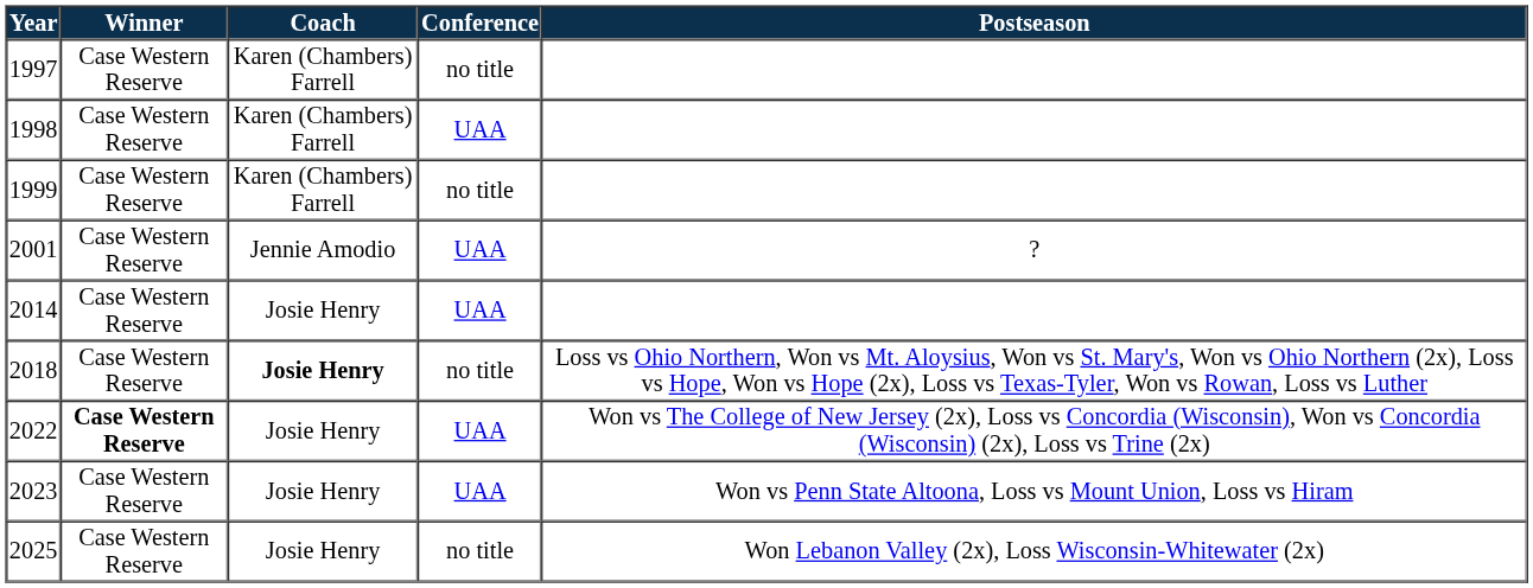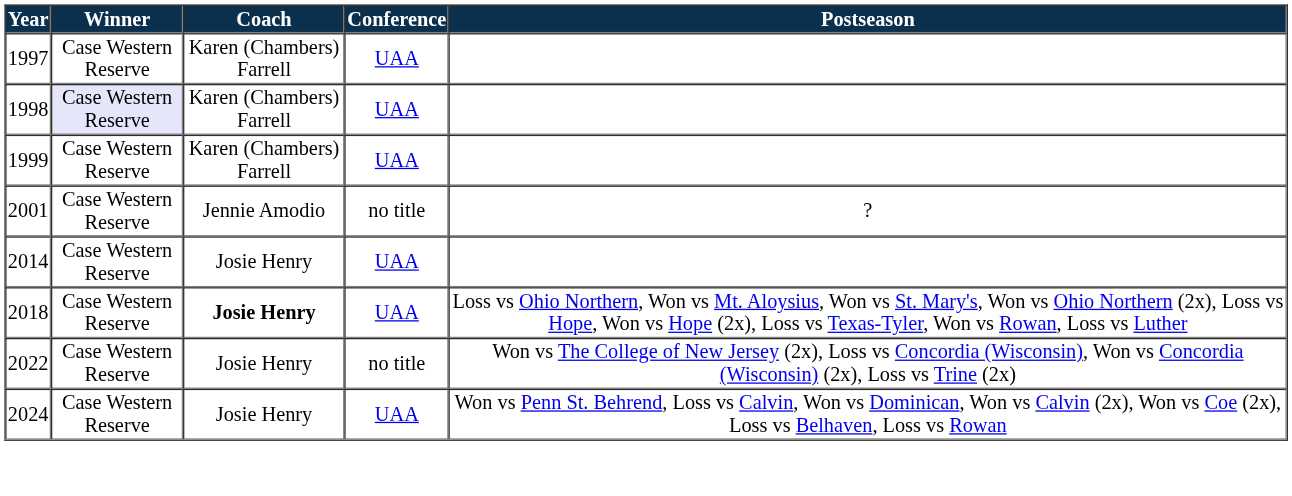 <table bcellpadding="1" border="1" cellspacing="0" style="width:80%;"valign="top">
 <tr>
 <th - style="background:#0A304E; color:white">Year</th>
 <th - style="background:#0A304E; color:white">Winner</th>
 <th - style="background:#0A304E; color:white">Coach</th>
 <th - style="background:#0A304E; color:white">Conference</th>
 <th - style="background:#0A304E; color:white">Postseason</th>
 </tr>
 <tr style="text-align:center;">
 <td>1997</td>
 <td>Case Western Reserve</td>
 <td>Karen (Chambers) Farrell</td>
-<td>no title</td>
+<td><a href='#'>UAA</a></td>
 <td></td>
 </tr>
 <tr style="text-align:center;">
 <td>1998</td>
-<td>Case Western Reserve</td>
+<td style="background: lavender;">Case Western Reserve</td>
 <td>Karen (Chambers) Farrell</td>
 <td><a href='#'>UAA</a></td>
 <td></td>
 </tr>
 <tr style="text-align:center;">
 <td>1999</td>
 <td>Case Western Reserve</td>
 <td>Karen (Chambers) Farrell</td>
-<td>no title</td>
+<td><a href='#'>UAA</a></td>
 <td></td>
 </tr>
 <tr style="text-align:center;">
 <td>2001</td>
 <td>Case Western Reserve</td>
 <td>Jennie Amodio</td>
-<td><a href='#'>UAA</a></td>
+<td>no title</td>
 <td>?</td>
 </tr>
 <tr style="text-align:center;">
 <td>2014</td>
 <td>Case Western Reserve</td>
 <td>Josie Henry</td>
 <td><a href='#'>UAA</a></td>
 <td></td>
 </tr>
 <tr style="text-align:center;">
 <td>2018</td>
 <td>Case Western Reserve</td>
 <td><strong>Josie Henry</strong></td>
-<td>no title</td>
+<td><a href='#'>UAA</a></td>
 <td>Loss vs <a href='#'>Ohio Northern</a>, Won vs <a href='#'>Mt. Aloysius</a>, Won vs <a href='#'>St. Mary's</a>, Won vs <a href='#'>Ohio Northern</a> (2x), Loss vs <a href='#'>Hope</a>, Won vs <a href='#'>Hope</a> (2x), Loss vs <a href='#'>Texas-Tyler</a>, Won vs <a href='#'>Rowan</a>, Loss vs <a href='#'>Luther</a></td>
 </tr>
 <tr style="text-align:center;">
 <td>2022</td>
-<td><strong>Case Western Reserve</strong></td>
+<td>Case Western Reserve</td>
 <td>Josie Henry</td>
-<td><a href='#'>UAA</a></td>
+<td>no title</td>
 <td>Won vs <a href='#'>The College of New Jersey</a> (2x), Loss vs <a href='#'>Concordia (Wisconsin)</a>, Won vs <a href='#'>Concordia (Wisconsin)</a> (2x),  Loss vs <a href='#'>Trine</a> (2x)</td>
 </tr>
 <tr style="text-align:center;">
-<td>2023</td>
+<td>2024</td>
 <td>Case Western Reserve</td>
 <td>Josie Henry</td>
 <td><a href='#'>UAA</a></td>
-<td>Won vs <a href='#'>Penn State Altoona</a>, Loss vs <a href='#'>Mount Union</a>, Loss vs <a href='#'>Hiram</a></td>
-</tr>
-<tr style="text-align:center;">
-<td>2025</td>
-<td>Case Western Reserve</td>
-<td>Josie Henry</td>
-<td>no title</td>
-<td>Won <a href='#'>Lebanon Valley</a> (2x), Loss <a href='#'>Wisconsin-Whitewater</a> (2x)</td>
+<td>Won vs <a href='#'>Penn St. Behrend</a>, Loss vs <a href='#'>Calvin</a>, Won vs <a href='#'>Dominican</a>, Won vs <a href='#'>Calvin</a> (2x), Won vs <a href='#'>Coe</a> (2x), Loss vs <a href='#'>Belhaven</a>, Loss vs <a href='#'>Rowan</a></td>
 </tr>
 <tr style="text-align:center;">
 </tr>
 </table>
